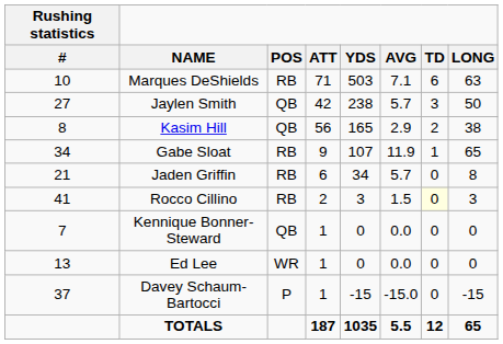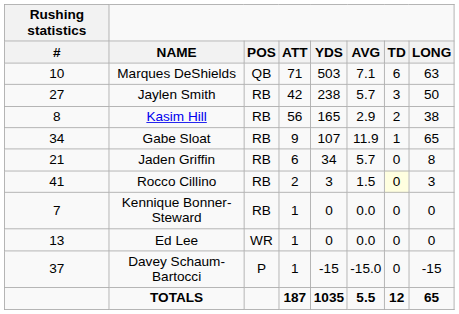 <table style="width:60%; text-align:center;" class="wikitable collapsible collapsed">
 <tr>
 <th style="text-align:center; ">Rushing statistics</th>
 </tr>
 <tr>
 <th>#</th>
 <th>NAME</th>
 <th>POS</th>
 <th>ATT</th>
 <th>YDS</th>
 <th>AVG</th>
 <th>TD</th>
 <th>LONG</th>
 </tr>
 <tr>
 <td>10</td>
 <td>Marques DeShields</td>
-<td>RB</td>
+<td>QB</td>
 <td>71</td>
 <td>503</td>
 <td>7.1</td>
 <td>6</td>
 <td>63</td>
 </tr>
 <tr>
 <td>27</td>
 <td>Jaylen Smith</td>
-<td>QB</td>
+<td>RB</td>
 <td>42</td>
 <td>238</td>
 <td>5.7</td>
 <td>3</td>
 <td>50</td>
 </tr>
 <tr>
 <td>8</td>
 <td><a href='#'>Kasim Hill</a></td>
-<td>QB</td>
+<td>RB</td>
 <td>56</td>
 <td>165</td>
 <td>2.9</td>
 <td>2</td>
 <td>38</td>
 </tr>
 <tr>
 <td>34</td>
 <td>Gabe Sloat</td>
 <td>RB</td>
 <td>9</td>
 <td>107</td>
 <td>11.9</td>
 <td>1</td>
 <td>65</td>
 </tr>
 <tr>
 <td>21</td>
 <td>Jaden Griffin</td>
 <td>RB</td>
 <td>6</td>
 <td>34</td>
 <td>5.7</td>
 <td>0</td>
 <td>8</td>
 </tr>
 <tr>
 <td>41</td>
 <td>Rocco Cillino</td>
 <td>RB</td>
 <td>2</td>
 <td>3</td>
 <td>1.5</td>
 <td style="background: lightyellow;">0</td>
 <td>3</td>
 </tr>
 <tr>
 <td>7</td>
 <td>Kennique Bonner-Steward</td>
-<td>QB</td>
+<td>RB</td>
 <td>1</td>
 <td>0</td>
 <td>0.0</td>
 <td>0</td>
 <td>0</td>
 </tr>
 <tr>
 <td>13</td>
 <td>Ed Lee</td>
 <td>WR</td>
 <td>1</td>
 <td>0</td>
 <td>0.0</td>
 <td>0</td>
 <td>0</td>
 </tr>
 <tr>
 <td>37</td>
 <td>Davey Schaum-Bartocci</td>
 <td>P</td>
 <td>1</td>
 <td>-15</td>
 <td>-15.0</td>
 <td>0</td>
 <td>-15</td>
 </tr>
 <tr>
 <td></td>
 <td><strong>TOTALS</strong></td>
 <td></td>
 <td><strong>187</strong></td>
 <td><strong>1035</strong></td>
 <td><strong>5.5</strong></td>
 <td><strong>12</strong></td>
 <td><strong>65</strong></td>
 </tr>
 </table>
